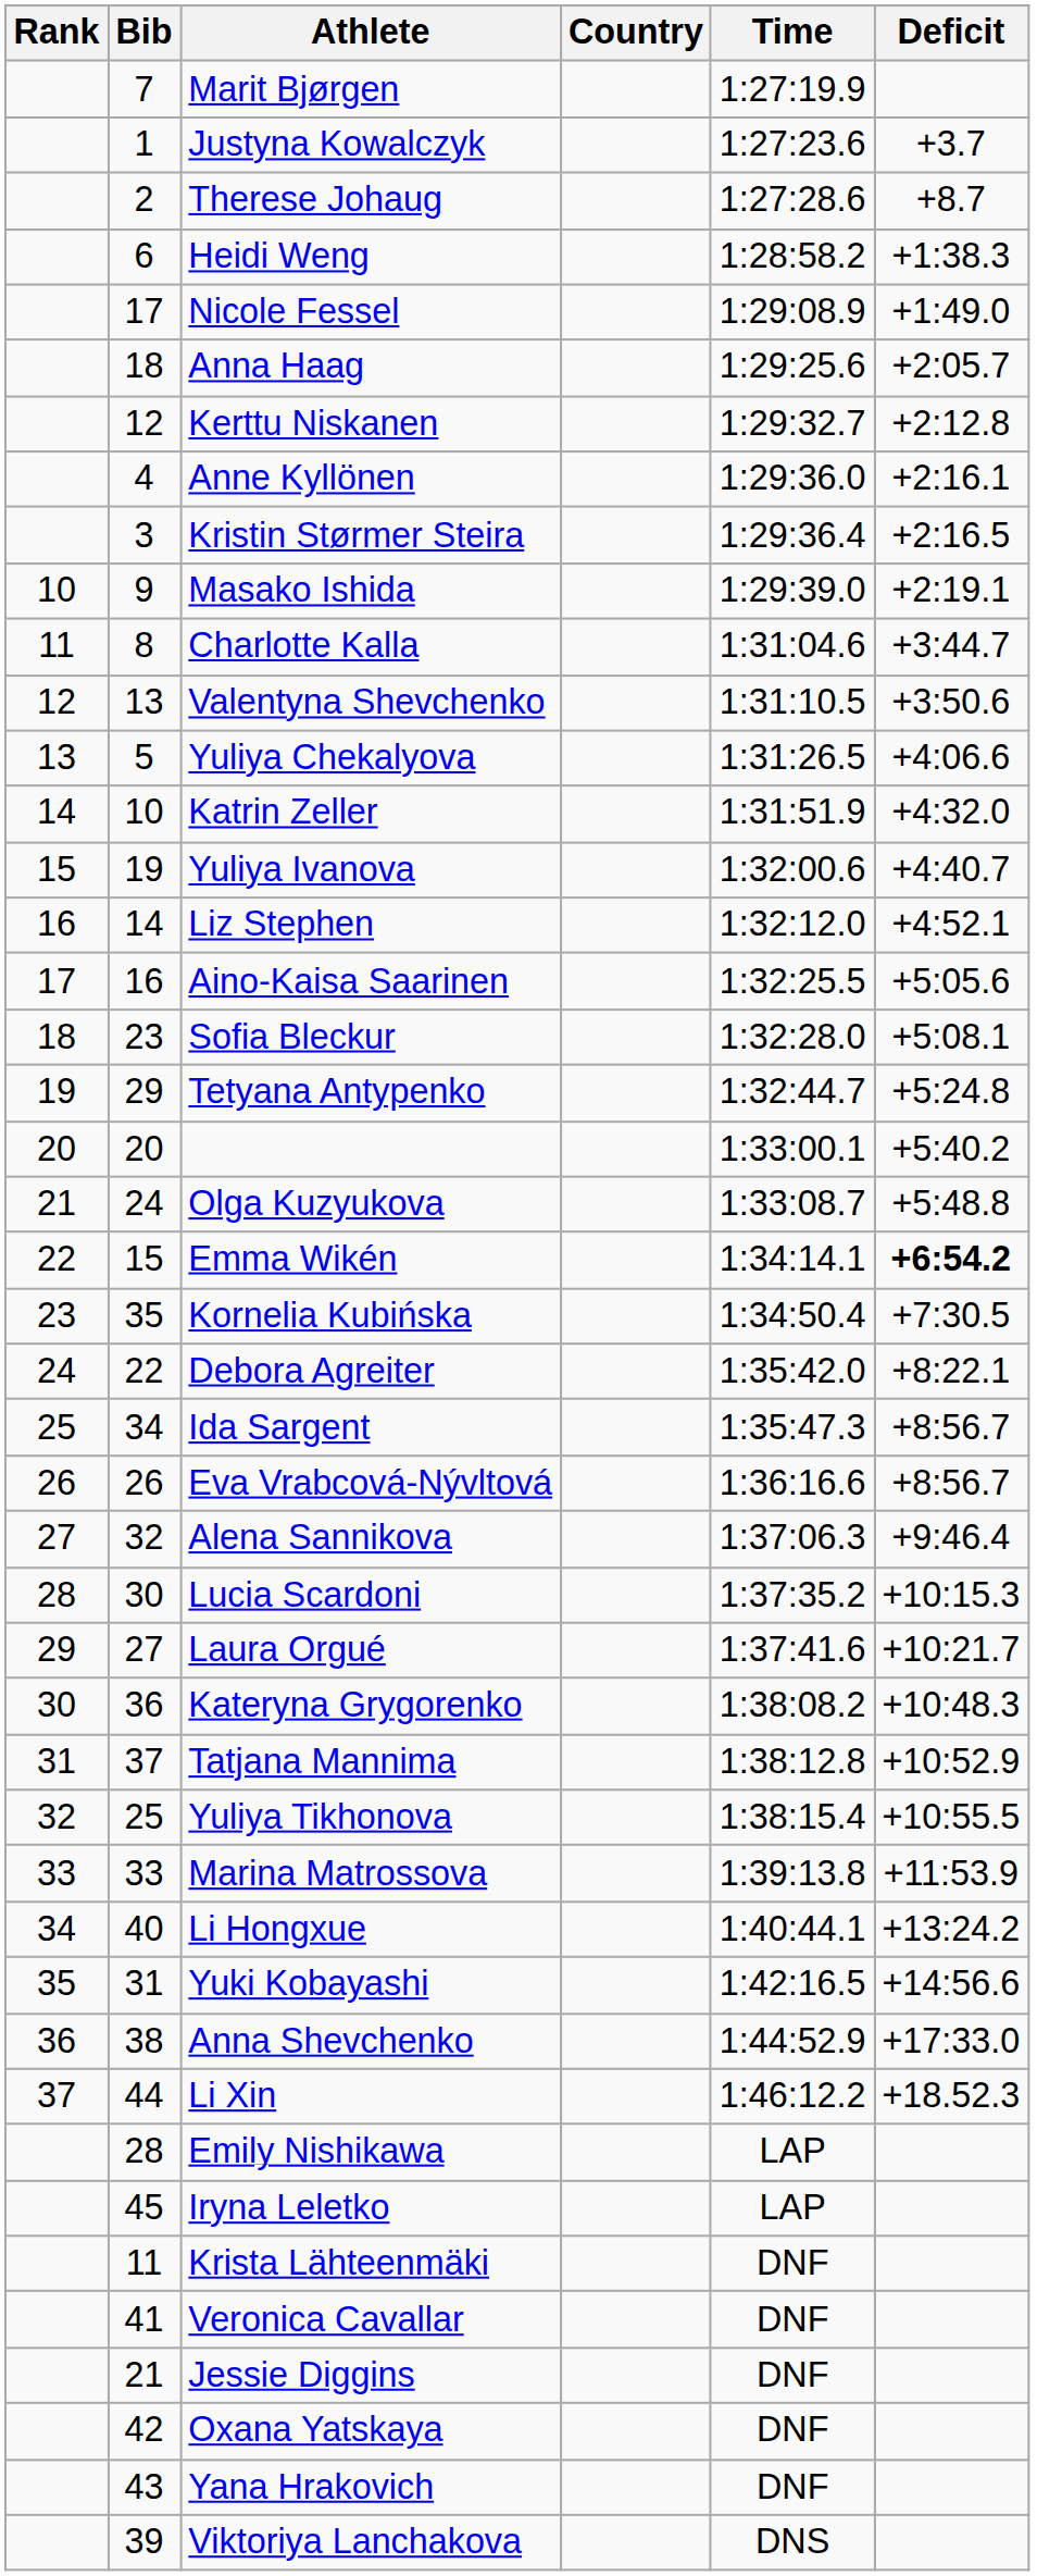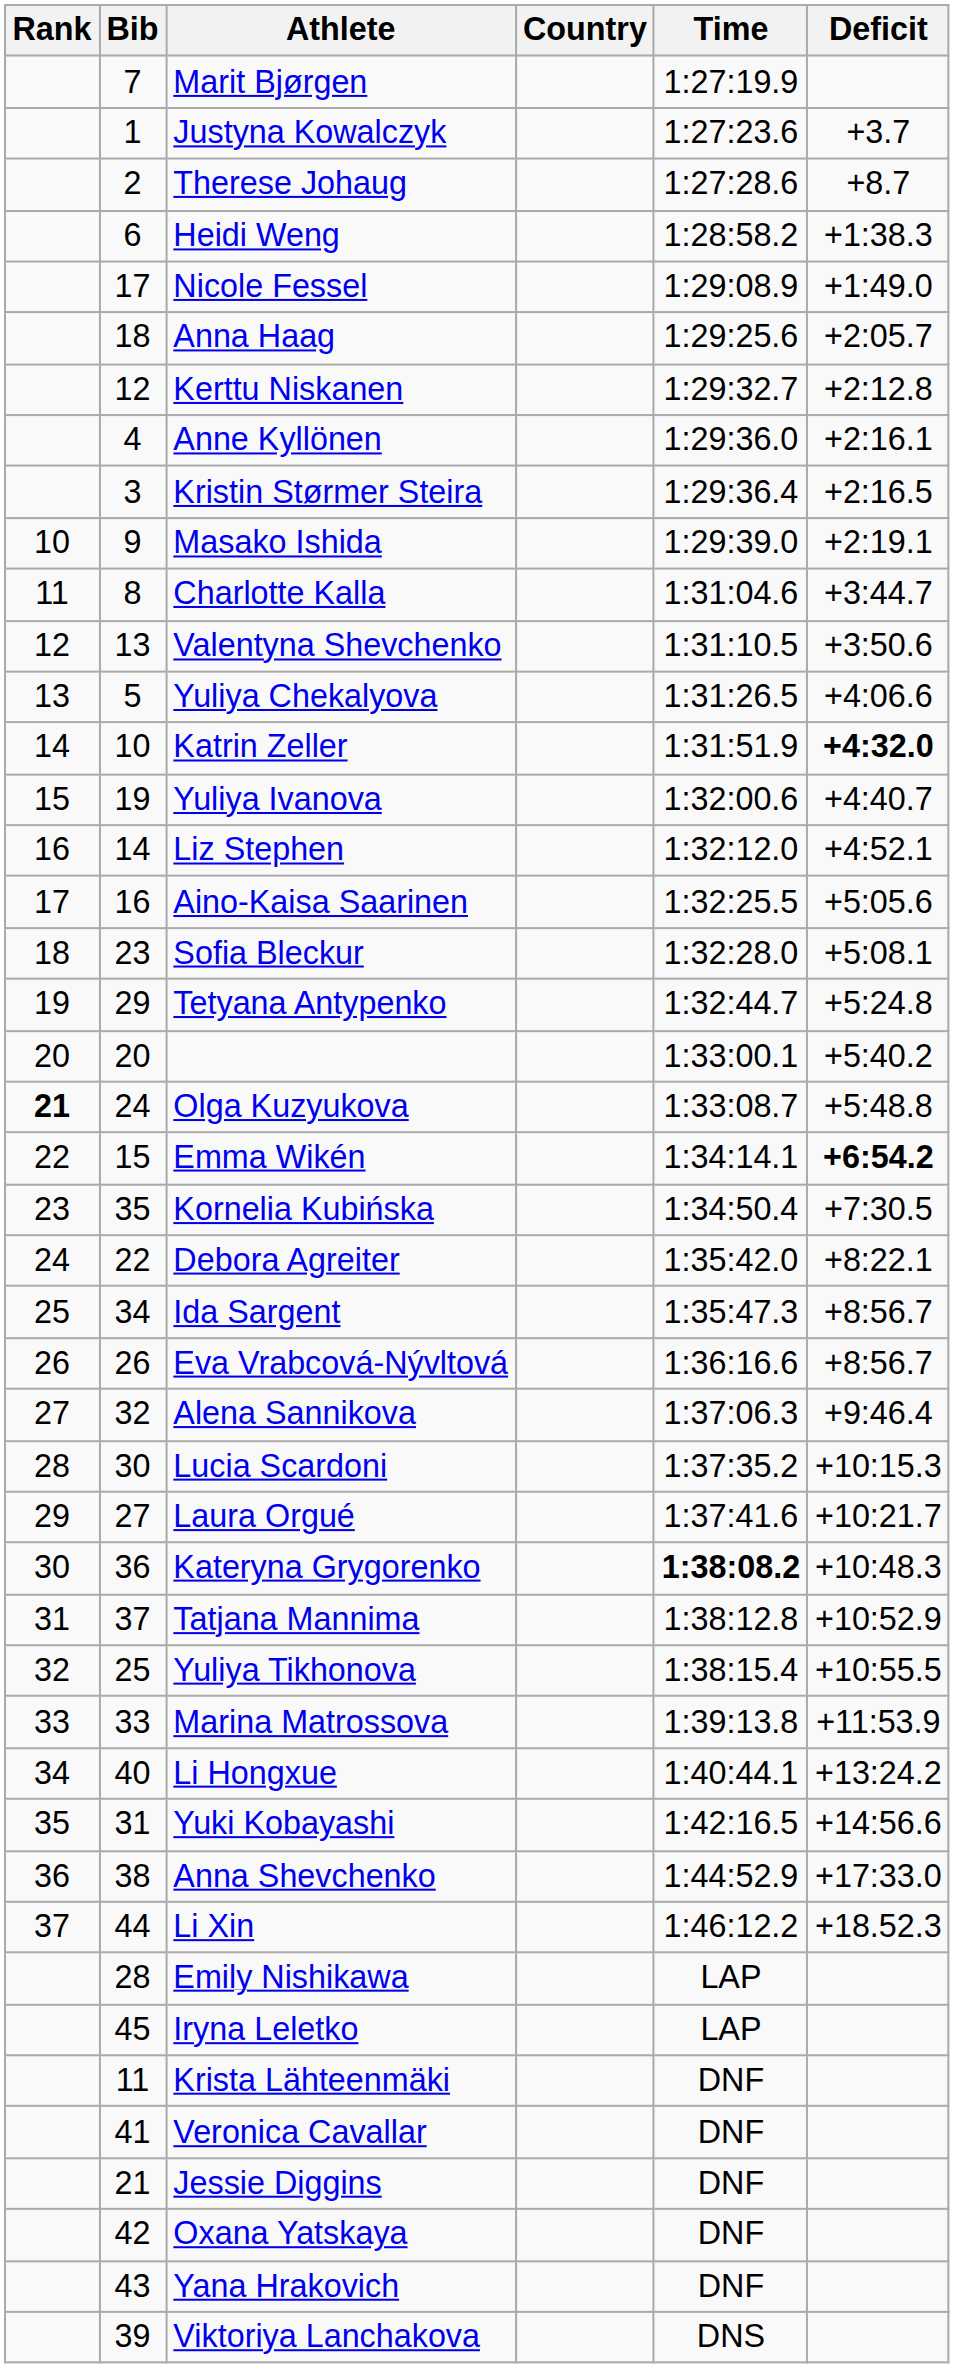 <table class="wikitable sortable" style="text-align:center">
 <tr>
 <th>Rank</th>
 <th>Bib</th>
 <th>Athlete</th>
 <th>Country</th>
 <th>Time</th>
 <th>Deficit</th>
 </tr>
 <tr>
 <td></td>
 <td>7</td>
 <td align=left><a href='#'>Marit Bjørgen</a></td>
 <td align=left></td>
 <td>1:27:19.9</td>
 <td></td>
 </tr>
 <tr>
 <td></td>
 <td>1</td>
 <td align=left><a href='#'>Justyna Kowalczyk</a></td>
 <td align=left></td>
 <td>1:27:23.6</td>
 <td>+3.7</td>
 </tr>
 <tr>
 <td></td>
 <td>2</td>
 <td align=left><a href='#'>Therese Johaug</a></td>
 <td align=left></td>
 <td>1:27:28.6</td>
 <td>+8.7</td>
 </tr>
 <tr>
 <td></td>
 <td>6</td>
 <td align=left><a href='#'>Heidi Weng</a></td>
 <td align=left></td>
 <td>1:28:58.2</td>
 <td>+1:38.3</td>
 </tr>
 <tr>
 <td></td>
 <td>17</td>
 <td align=left><a href='#'>Nicole Fessel</a></td>
 <td align=left></td>
 <td>1:29:08.9</td>
 <td>+1:49.0</td>
 </tr>
 <tr>
 <td></td>
 <td>18</td>
 <td align=left><a href='#'>Anna Haag</a></td>
 <td align=left></td>
 <td>1:29:25.6</td>
 <td>+2:05.7</td>
 </tr>
 <tr>
 <td></td>
 <td>12</td>
 <td align=left><a href='#'>Kerttu Niskanen</a></td>
 <td align=left></td>
 <td>1:29:32.7</td>
 <td>+2:12.8</td>
 </tr>
 <tr>
 <td></td>
 <td>4</td>
 <td align=left><a href='#'>Anne Kyllönen</a></td>
 <td align=left></td>
 <td>1:29:36.0</td>
 <td>+2:16.1</td>
 </tr>
 <tr>
 <td></td>
 <td>3</td>
 <td align=left><a href='#'>Kristin Størmer Steira</a></td>
 <td align=left></td>
 <td>1:29:36.4</td>
 <td>+2:16.5</td>
 </tr>
 <tr>
 <td>10</td>
 <td>9</td>
 <td align=left><a href='#'>Masako Ishida</a></td>
 <td align=left></td>
 <td>1:29:39.0</td>
 <td>+2:19.1</td>
 </tr>
 <tr>
 <td>11</td>
 <td>8</td>
 <td align=left><a href='#'>Charlotte Kalla</a></td>
 <td align=left></td>
 <td>1:31:04.6</td>
 <td>+3:44.7</td>
 </tr>
 <tr>
 <td>12</td>
 <td>13</td>
 <td align=left><a href='#'>Valentyna Shevchenko</a></td>
 <td align=left></td>
 <td>1:31:10.5</td>
 <td>+3:50.6</td>
 </tr>
 <tr>
 <td>13</td>
 <td>5</td>
 <td align=left><a href='#'>Yuliya Chekalyova</a></td>
 <td align=left></td>
 <td>1:31:26.5</td>
 <td>+4:06.6</td>
 </tr>
 <tr>
 <td>14</td>
 <td>10</td>
 <td align=left><a href='#'>Katrin Zeller</a></td>
 <td align=left></td>
 <td>1:31:51.9</td>
-<td>+4:32.0</td>
+<td><strong>+4:32.0</strong></td>
 </tr>
 <tr>
 <td>15</td>
 <td>19</td>
 <td align=left><a href='#'>Yuliya Ivanova</a></td>
 <td align=left></td>
 <td>1:32:00.6</td>
 <td>+4:40.7</td>
 </tr>
 <tr>
 <td>16</td>
 <td>14</td>
 <td align=left><a href='#'>Liz Stephen</a></td>
 <td align=left></td>
 <td>1:32:12.0</td>
 <td>+4:52.1</td>
 </tr>
 <tr>
 <td>17</td>
 <td>16</td>
 <td align=left><a href='#'>Aino-Kaisa Saarinen</a></td>
 <td align=left></td>
 <td>1:32:25.5</td>
 <td>+5:05.6</td>
 </tr>
 <tr>
 <td>18</td>
 <td>23</td>
 <td align=left><a href='#'>Sofia Bleckur</a></td>
 <td align=left></td>
 <td>1:32:28.0</td>
 <td>+5:08.1</td>
 </tr>
 <tr>
 <td>19</td>
 <td>29</td>
 <td align=left><a href='#'>Tetyana Antypenko</a></td>
 <td align=left></td>
 <td>1:32:44.7</td>
 <td>+5:24.8</td>
 </tr>
 <tr>
 <td>20</td>
 <td>20</td>
 <td align=left></td>
 <td align=left></td>
 <td>1:33:00.1</td>
 <td>+5:40.2</td>
 </tr>
 <tr>
-<td>21</td>
+<td><strong>21</strong></td>
 <td>24</td>
 <td align=left><a href='#'>Olga Kuzyukova</a></td>
 <td align=left></td>
 <td>1:33:08.7</td>
 <td>+5:48.8</td>
 </tr>
 <tr>
 <td>22</td>
 <td>15</td>
 <td align=left><a href='#'>Emma Wikén</a></td>
 <td align=left></td>
 <td>1:34:14.1</td>
 <td><strong>+6:54.2</strong></td>
 </tr>
 <tr>
 <td>23</td>
 <td>35</td>
 <td align=left><a href='#'>Kornelia Kubińska</a></td>
 <td align=left></td>
 <td>1:34:50.4</td>
 <td>+7:30.5</td>
 </tr>
 <tr>
 <td>24</td>
 <td>22</td>
 <td align=left><a href='#'>Debora Agreiter</a></td>
 <td align=left></td>
 <td>1:35:42.0</td>
 <td>+8:22.1</td>
 </tr>
 <tr>
 <td>25</td>
 <td>34</td>
 <td align=left><a href='#'>Ida Sargent</a></td>
 <td align=left></td>
 <td>1:35:47.3</td>
 <td>+8:56.7</td>
 </tr>
 <tr>
 <td>26</td>
 <td>26</td>
 <td align=left><a href='#'>Eva Vrabcová-Nývltová</a></td>
 <td align=left></td>
 <td>1:36:16.6</td>
 <td>+8:56.7</td>
 </tr>
 <tr>
 <td>27</td>
 <td>32</td>
 <td align=left><a href='#'>Alena Sannikova</a></td>
 <td align=left></td>
 <td>1:37:06.3</td>
 <td>+9:46.4</td>
 </tr>
 <tr>
 <td>28</td>
 <td>30</td>
 <td align=left><a href='#'>Lucia Scardoni</a></td>
 <td align=left></td>
 <td>1:37:35.2</td>
 <td>+10:15.3</td>
 </tr>
 <tr>
 <td>29</td>
 <td>27</td>
 <td align=left><a href='#'>Laura Orgué</a></td>
 <td align=left></td>
 <td>1:37:41.6</td>
 <td>+10:21.7</td>
 </tr>
 <tr>
 <td>30</td>
 <td>36</td>
 <td align=left><a href='#'>Kateryna Grygorenko</a></td>
 <td align=left></td>
-<td>1:38:08.2</td>
+<td><strong>1:38:08.2</strong></td>
 <td>+10:48.3</td>
 </tr>
 <tr>
 <td>31</td>
 <td>37</td>
 <td align=left><a href='#'>Tatjana Mannima</a></td>
 <td align=left></td>
 <td>1:38:12.8</td>
 <td>+10:52.9</td>
 </tr>
 <tr>
 <td>32</td>
 <td>25</td>
 <td align=left><a href='#'>Yuliya Tikhonova</a></td>
 <td align=left></td>
 <td>1:38:15.4</td>
 <td>+10:55.5</td>
 </tr>
 <tr>
 <td>33</td>
 <td>33</td>
 <td align=left><a href='#'>Marina Matrossova</a></td>
 <td align=left></td>
 <td>1:39:13.8</td>
 <td>+11:53.9</td>
 </tr>
 <tr>
 <td>34</td>
 <td>40</td>
 <td align=left><a href='#'>Li Hongxue</a></td>
 <td align=left></td>
 <td>1:40:44.1</td>
 <td>+13:24.2</td>
 </tr>
 <tr>
 <td>35</td>
 <td>31</td>
 <td align=left><a href='#'>Yuki Kobayashi</a></td>
 <td align=left></td>
 <td>1:42:16.5</td>
 <td>+14:56.6</td>
 </tr>
 <tr>
 <td>36</td>
 <td>38</td>
 <td align=left><a href='#'>Anna Shevchenko</a></td>
 <td align=left></td>
 <td>1:44:52.9</td>
 <td>+17:33.0</td>
 </tr>
 <tr>
 <td>37</td>
 <td>44</td>
 <td align=left><a href='#'>Li Xin</a></td>
 <td align=left></td>
 <td>1:46:12.2</td>
 <td>+18.52.3</td>
 </tr>
 <tr>
 <td></td>
 <td>28</td>
 <td align=left><a href='#'>Emily Nishikawa</a></td>
 <td align=left></td>
 <td>LAP</td>
 <td></td>
 </tr>
 <tr>
 <td></td>
 <td>45</td>
 <td align=left><a href='#'>Iryna Leletko</a></td>
 <td align=left></td>
 <td>LAP</td>
 <td></td>
 </tr>
 <tr>
 <td></td>
 <td>11</td>
 <td align=left><a href='#'>Krista Lähteenmäki</a></td>
 <td align=left></td>
 <td>DNF</td>
 <td></td>
 </tr>
 <tr>
 <td></td>
 <td>41</td>
 <td align=left><a href='#'>Veronica Cavallar</a></td>
 <td align=left></td>
 <td>DNF</td>
 <td></td>
 </tr>
 <tr>
 <td></td>
 <td>21</td>
 <td align=left><a href='#'>Jessie Diggins</a></td>
 <td align=left></td>
 <td>DNF</td>
 <td></td>
 </tr>
 <tr>
 <td></td>
 <td>42</td>
 <td align=left><a href='#'>Oxana Yatskaya</a></td>
 <td align=left></td>
 <td>DNF</td>
 <td></td>
 </tr>
 <tr>
 <td></td>
 <td>43</td>
 <td align=left><a href='#'>Yana Hrakovich</a></td>
 <td align=left></td>
 <td>DNF</td>
 <td></td>
 </tr>
 <tr>
 <td></td>
 <td>39</td>
 <td align=left><a href='#'>Viktoriya Lanchakova</a></td>
 <td align=left></td>
 <td>DNS</td>
 <td></td>
 </tr>
 </table>
